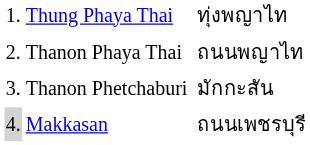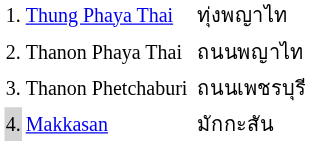 <table>
 <tr>
 <td>1.</td>
 <td><a href='#'>Thung Phaya Thai</a></td>
 <td>ทุ่งพญาไท</td>
 <td></td>
 </tr>
 <tr>
 <td>2.</td>
 <td>Thanon Phaya Thai</td>
 <td>ถนนพญาไท</td>
 <td></td>
 </tr>
 <tr>
 <td>3.</td>
 <td>Thanon Phetchaburi </td>
-<td>มักกะสัน</td>
+<td>ถนนเพชรบุรี</td>
 <td></td>
 </tr>
 <tr>
 <td style="background: lightgrey;">4.</td>
 <td><a href='#'>Makkasan</a></td>
-<td>ถนนเพชรบุรี</td>
+<td>มักกะสัน</td>
 <td></td>
 </tr>
 </table>
